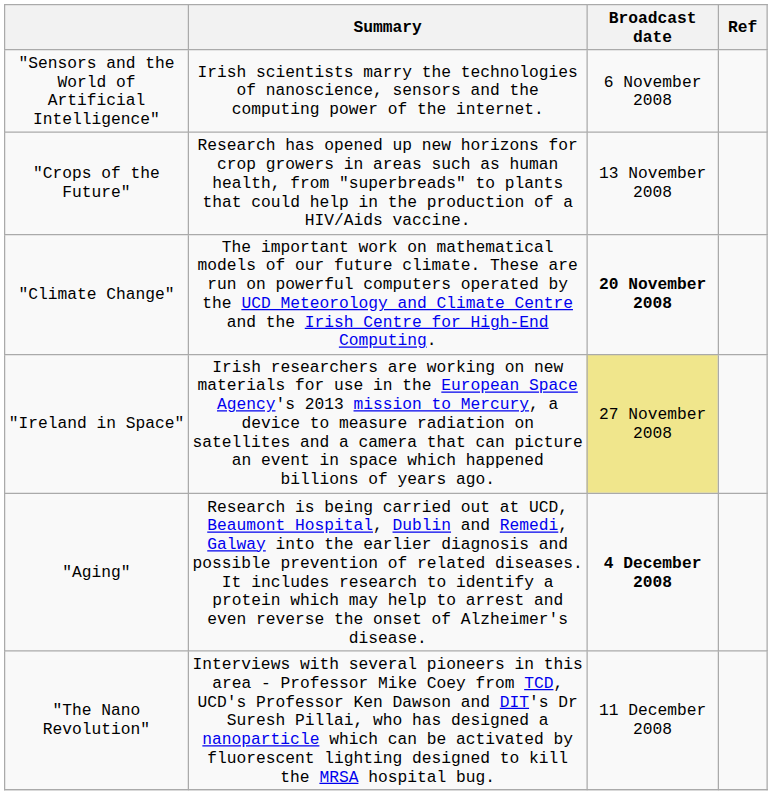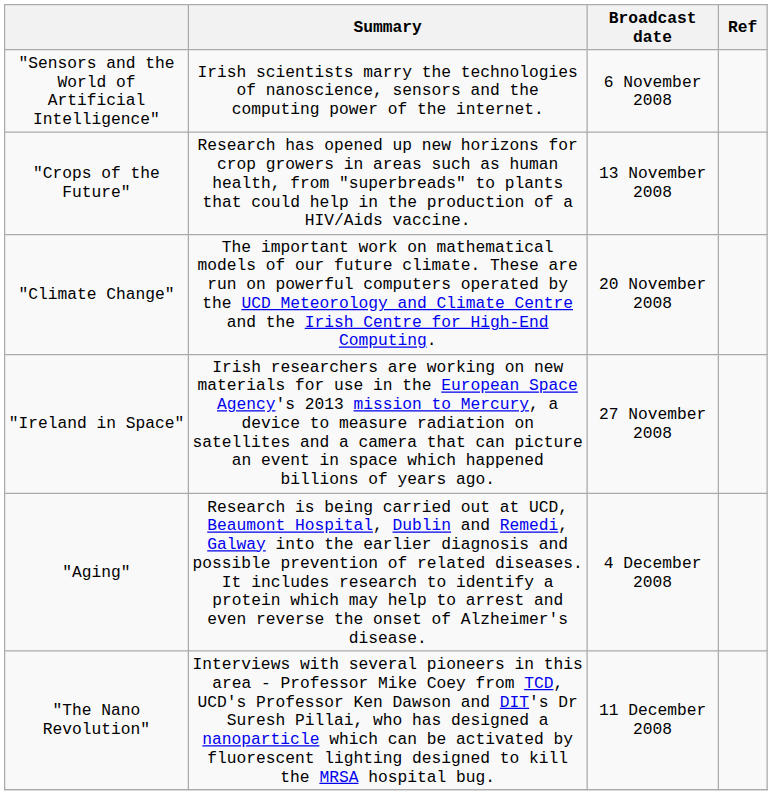 <table class="wikitable">
 <tr>
 <th width="170" rowspan="1"></th>
 <th width="470" rowspan="1">Summary </th>
 <th width="120" rowspan="1">Broadcast date</th>
 <th width="40" rowspan="1">Ref</th>
 </tr>
 <tr>
 <td align="center">"Sensors and the World of Artificial Intelligence"</td>
 <td align="center">Irish scientists marry the technologies of nanoscience, sensors and the computing power of the internet.</td>
 <td align="center">6 November 2008</td>
 <td align="center"></td>
 </tr>
 <tr>
 <td align="center">"Crops of the Future"</td>
 <td align="center">Research has opened up new horizons for crop growers in areas such as human health, from "superbreads" to plants that could help in the production of a HIV/Aids vaccine.</td>
 <td align="center">13 November 2008</td>
 <td align="center"></td>
 </tr>
 <tr>
 <td align="center">"Climate Change"</td>
 <td align="center">The important work on mathematical models of our future climate. These are run on powerful computers operated by the <a href='#'>UCD Meteorology and Climate Centre</a> and the <a href='#'>Irish Centre for High-End Computing</a>.</td>
-<td align="center"><strong>20 November 2008</strong></td>
+<td align="center">20 November 2008</td>
 <td align="center"></td>
 </tr>
 <tr>
 <td align="center">"Ireland in Space"</td>
 <td align="center">Irish researchers are working on new materials for use in the <a href='#'>European Space Agency</a>'s 2013 <a href='#'>mission to Mercury</a>, a device to measure radiation on satellites and a camera that can picture an event in space which happened billions of years ago.</td>
-<td align="center" style="background: khaki;">27 November 2008</td>
+<td align="center">27 November 2008</td>
 <td align="center"></td>
 </tr>
 <tr>
 <td align="center">"Aging"</td>
 <td align="center">Research is being carried out at UCD, <a href='#'>Beaumont Hospital</a>, <a href='#'>Dublin</a> and <a href='#'>Remedi</a>, <a href='#'>Galway</a> into the earlier diagnosis and possible prevention of related diseases. It includes research to identify a protein which may help to arrest and even reverse the onset of Alzheimer's disease.</td>
-<td align="center"><strong>4 December 2008</strong></td>
+<td align="center">4 December 2008</td>
 <td align="center"></td>
 </tr>
 <tr>
 <td align="center">"The Nano Revolution"</td>
 <td align="center">Interviews with several pioneers in this area - Professor Mike Coey from <a href='#'>TCD</a>, UCD's Professor Ken Dawson and <a href='#'>DIT</a>'s Dr Suresh Pillai, who has designed a <a href='#'>nanoparticle</a> which can be activated by fluorescent lighting designed to kill the <a href='#'>MRSA</a> hospital bug.</td>
 <td align="center">11 December 2008</td>
 <td align="center"></td>
 </tr>
 <tr>
 </tr>
 </table>
